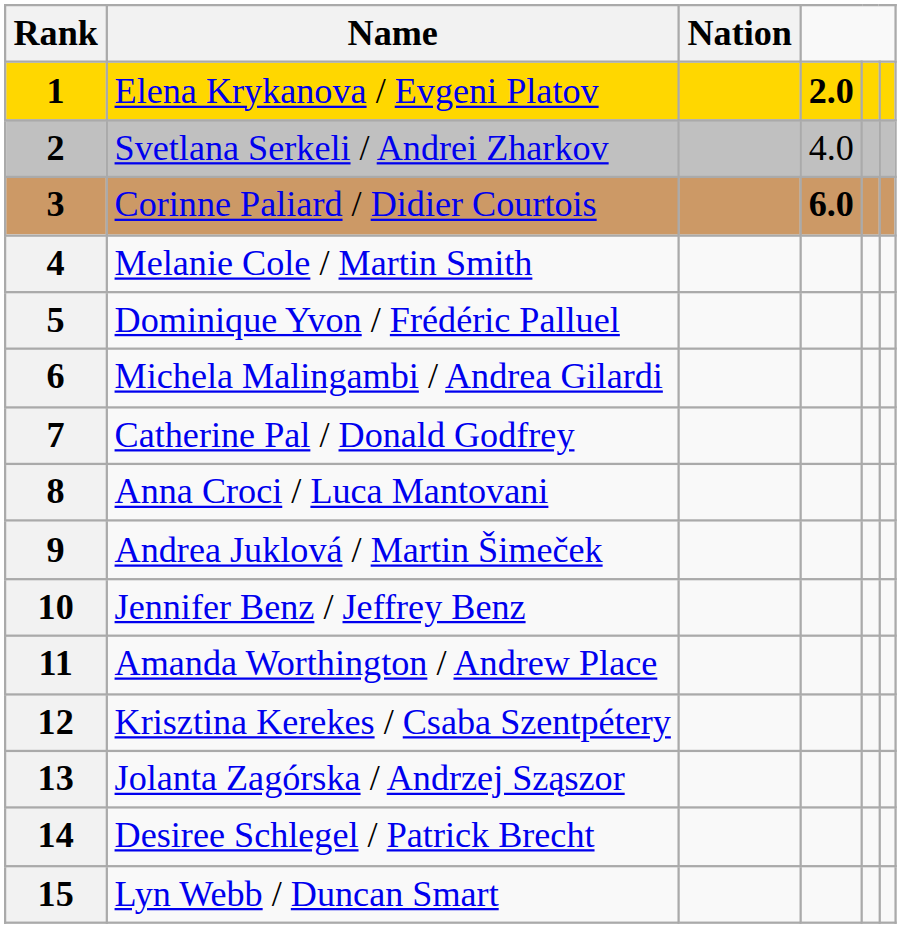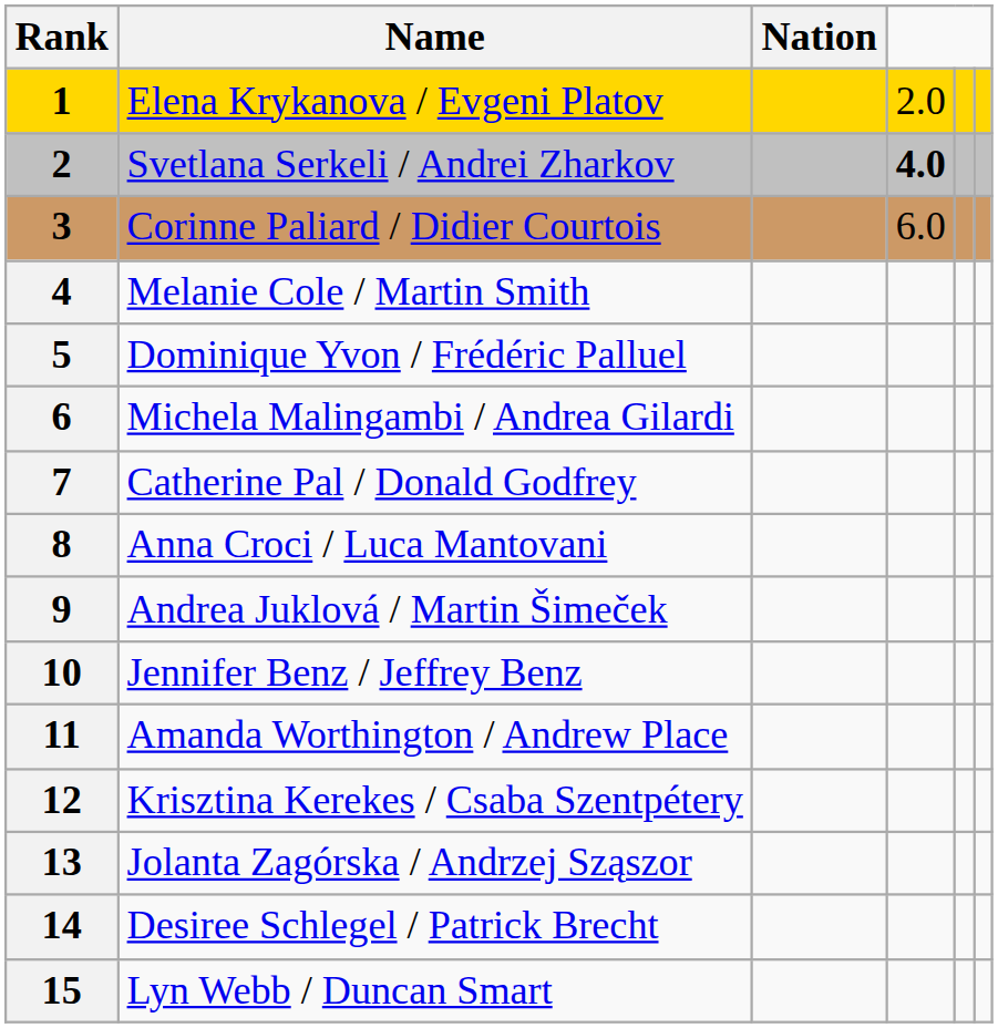 <table class="wikitable sortable">
 <tr>
 <th>Rank</th>
 <th>Name</th>
 <th>Nation</th>
 </tr>
 <tr bgcolor=gold>
 <td align=center><strong>1</strong></td>
 <td><a href='#'>Elena Krykanova</a> / <a href='#'>Evgeni Platov</a></td>
 <td></td>
-<td><strong>2.0</strong></td>
+<td>2.0</td>
 <td></td>
 <td></td>
 </tr>
 <tr bgcolor=silver>
 <td align=center><strong>2</strong></td>
 <td><a href='#'>Svetlana Serkeli</a> / <a href='#'>Andrei Zharkov</a></td>
 <td></td>
-<td>4.0</td>
+<td><strong>4.0</strong></td>
 <td></td>
 <td></td>
 </tr>
 <tr bgcolor=cc9966>
 <td align=center><strong>3</strong></td>
 <td><a href='#'>Corinne Paliard</a> / <a href='#'>Didier Courtois</a></td>
 <td></td>
-<td><strong>6.0</strong></td>
+<td>6.0</td>
 <td></td>
 <td></td>
 </tr>
 <tr>
 <th>4</th>
 <td><a href='#'>Melanie Cole</a> / <a href='#'>Martin Smith</a></td>
 <td></td>
 <td></td>
 <td></td>
 <td></td>
 </tr>
 <tr>
 <th>5</th>
 <td><a href='#'>Dominique Yvon</a> / <a href='#'>Frédéric Palluel</a></td>
 <td></td>
 <td></td>
 <td></td>
 <td></td>
 </tr>
 <tr>
 <th>6</th>
 <td><a href='#'>Michela Malingambi</a> / <a href='#'>Andrea Gilardi</a></td>
 <td></td>
 <td></td>
 <td></td>
 <td></td>
 </tr>
 <tr>
 <th>7</th>
 <td><a href='#'>Catherine Pal</a> / <a href='#'>Donald Godfrey</a></td>
 <td></td>
 <td></td>
 <td></td>
 <td></td>
 </tr>
 <tr>
 <th>8</th>
 <td><a href='#'>Anna Croci</a> / <a href='#'>Luca Mantovani</a></td>
 <td></td>
 <td></td>
 <td></td>
 <td></td>
 </tr>
 <tr>
 <th>9</th>
 <td><a href='#'>Andrea Juklová</a> / <a href='#'>Martin Šimeček</a></td>
 <td></td>
 <td></td>
 <td></td>
 <td></td>
 </tr>
 <tr>
 <th>10</th>
 <td><a href='#'>Jennifer Benz</a> / <a href='#'>Jeffrey Benz</a></td>
 <td></td>
 <td></td>
 <td></td>
 <td></td>
 </tr>
 <tr>
 <th>11</th>
 <td><a href='#'>Amanda Worthington</a> / <a href='#'>Andrew Place</a></td>
 <td></td>
 <td></td>
 <td></td>
 <td></td>
 </tr>
 <tr>
 <th>12</th>
 <td><a href='#'>Krisztina Kerekes</a> / <a href='#'>Csaba Szentpétery</a></td>
 <td></td>
 <td></td>
 <td></td>
 <td></td>
 </tr>
 <tr>
 <th>13</th>
 <td><a href='#'>Jolanta Zagórska</a> / <a href='#'>Andrzej Sząszor</a></td>
 <td></td>
 <td></td>
 <td></td>
 <td></td>
 </tr>
 <tr>
 <th>14</th>
 <td><a href='#'>Desiree Schlegel</a> / <a href='#'>Patrick Brecht</a></td>
 <td></td>
 <td></td>
 <td></td>
 <td></td>
 </tr>
 <tr>
 <th>15</th>
 <td><a href='#'>Lyn Webb</a> / <a href='#'>Duncan Smart</a></td>
 <td></td>
 <td></td>
 <td></td>
 <td></td>
 </tr>
 </table>
